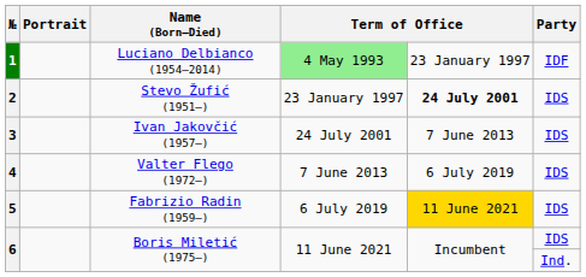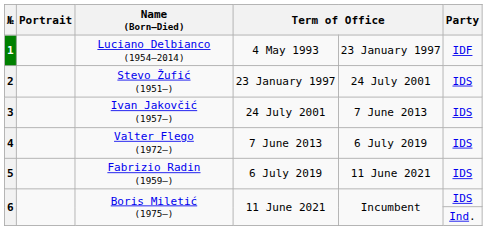 <table class="wikitable" style="text-align:center">
 <tr ->
 <th>№</th>
 <th>Portrait</th>
 <th width=180>Name<br><small>(Born–Died)</small></th>
 <th colspan=2>Term of Office</th>
 <th>Party</th>
 </tr>
 <tr ->
 <th style="background:Green; color:white;">1</th>
 <td></td>
 <td><a href='#'>Luciano Delbianco</a><br><small>(1954–2014)</small></td>
-<td style="background: lightgreen;">4 May 1993</td>
+<td>4 May 1993</td>
 <td>23 January 1997</td>
 <td><a href='#'>IDF</a></td>
 </tr>
 <tr ->
 <th style="background:">2</th>
 <td></td>
 <td><a href='#'>Stevo Žufić</a><br><small>(1951–)</small></td>
 <td>23 January 1997</td>
-<td><strong>24 July 2001</strong></td>
+<td>24 July 2001</td>
 <td><a href='#'>IDS</a></td>
 </tr>
 <tr ->
 <th style="background:">3</th>
 <td></td>
 <td><a href='#'>Ivan Jakovčić</a><br><small>(1957–)</small></td>
 <td>24 July 2001</td>
 <td>7 June 2013</td>
 <td><a href='#'>IDS</a></td>
 </tr>
 <tr ->
 <th style="background:">4</th>
 <td></td>
 <td><a href='#'>Valter Flego</a><br><small>(1972–)</small></td>
 <td>7 June 2013</td>
 <td>6 July 2019</td>
 <td><a href='#'>IDS</a></td>
 </tr>
 <tr ->
 <th style="background:">5</th>
 <td></td>
 <td><a href='#'>Fabrizio Radin</a><br><small>(1959–)</small></td>
 <td>6 July 2019</td>
-<td style="background: gold;">11 June 2021</td>
+<td>11 June 2021</td>
 <td><a href='#'>IDS</a></td>
 </tr>
 <tr ->
 <th rowspan="2" style="background:">6</th>
 <td rowspan="2"></td>
 <td rowspan="2"><a href='#'>Boris Miletić</a><br><small>(1975–)</small></td>
 <td rowspan="2">11 June 2021</td>
 <td rowspan="2">Incumbent</td>
 <td><a href='#'>IDS</a></td>
 </tr>
 <tr ->
 <td><a href='#'>Ind</a>.</td>
 </tr>
 </table>
